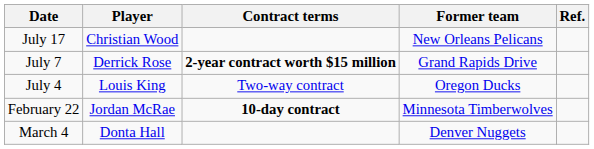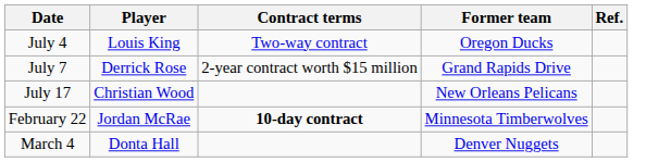 <table class="wikitable sortable sortable" style="text-align: center">
 <tr>
 <th>Date</th>
 <th>Player</th>
 <th>Contract terms</th>
 <th>Former team</th>
 <th>Ref.</th>
 </tr>
 <tr>
-<td>July 17</td>
-<td><a href='#'>Christian Wood</a></td>
-<td></td>
-<td><a href='#'>New Orleans Pelicans</a></td>
+<td>July 4</td>
+<td><a href='#'>Louis King</a></td>
+<td><a href='#'>Two-way contract</a></td>
+<td><a href='#'>Oregon Ducks</a></td>
 <td></td>
 </tr>
 <tr>
 <td>July 7</td>
 <td><a href='#'>Derrick Rose</a></td>
-<td><strong>2-year contract worth $15 million</strong></td>
+<td>2-year contract worth $15 million</td>
 <td><a href='#'>Grand Rapids Drive</a></td>
 <td></td>
 </tr>
 <tr>
-<td>July 4</td>
-<td><a href='#'>Louis King</a></td>
-<td><a href='#'>Two-way contract</a></td>
-<td><a href='#'>Oregon Ducks</a></td>
+<td>July 17</td>
+<td><a href='#'>Christian Wood</a></td>
+<td></td>
+<td><a href='#'>New Orleans Pelicans</a></td>
 <td></td>
 </tr>
 <tr>
 <td>February 22</td>
 <td><a href='#'>Jordan McRae</a></td>
 <td><strong>10-day contract</strong></td>
 <td><a href='#'>Minnesota Timberwolves</a></td>
 <td></td>
 </tr>
 <tr>
 <td>March 4</td>
 <td><a href='#'>Donta Hall</a></td>
 <td></td>
 <td><a href='#'>Denver Nuggets</a></td>
 <td></td>
 </tr>
 </table>
